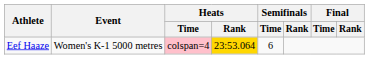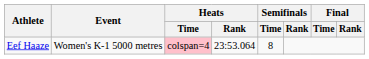 <table class="wikitable" style="font-size:90%">
 <tr>
 <th rowspan=2>Athlete</th>
 <th rowspan=2>Event</th>
 <th colspan=2>Heats</th>
 <th colspan=2>Semifinals</th>
 <th colspan=2>Final</th>
 </tr>
 <tr style="font-size:95%">
 <th>Time</th>
 <th>Rank</th>
 <th>Time</th>
 <th>Rank</th>
 <th>Time</th>
 <th>Rank</th>
 </tr>
 <tr align=center>
 <td align=left><a href='#'>Eef Haaze</a></td>
 <td align=left>Women's K-1 5000 metres</td>
 <td style="background: pink;">colspan=4 </td>
-<td style="background: gold;">23:53.064</td>
-<td>6</td>
+<td>23:53.064</td>
+<td>8</td>
 </tr>
 </table>
